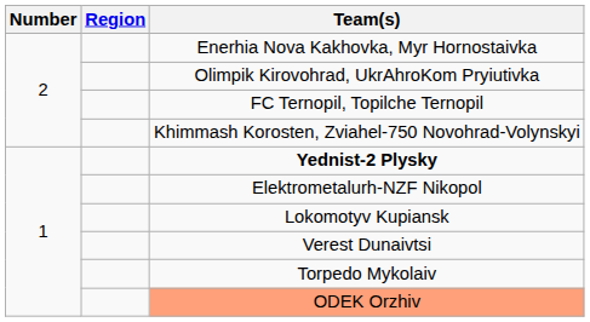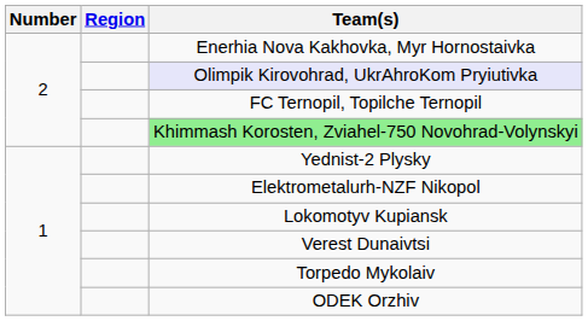 <table class="wikitable" style="text-align:center">
 <tr>
 <th>Number</th>
 <th><a href='#'>Region</a></th>
 <th>Team(s)</th>
 </tr>
 <tr>
 <td rowspan="4">2</td>
 <td align="left"></td>
 <td>Enerhia Nova Kakhovka, Myr Hornostaivka</td>
 </tr>
 <tr>
 <td align="left"></td>
-<td>Olimpik Kirovohrad, UkrAhroKom Pryiutivka</td>
+<td style="background: lavender;">Olimpik Kirovohrad, UkrAhroKom Pryiutivka</td>
 </tr>
 <tr>
 <td align="left"></td>
 <td>FC Ternopil, Topilche Ternopil</td>
 </tr>
 <tr>
 <td align="left"></td>
-<td>Khimmash Korosten, Zviahel-750 Novohrad-Volynskyi</td>
+<td style="background: lightgreen;">Khimmash Korosten, Zviahel-750 Novohrad-Volynskyi</td>
 </tr>
 <tr>
 <td rowspan="16">1</td>
 <td align="left"></td>
-<td><strong>Yednist-2 Plysky</strong></td>
+<td>Yednist-2 Plysky</td>
 </tr>
 <tr>
 <td align="left"></td>
 <td>Elektrometalurh-NZF Nikopol</td>
 </tr>
 <tr>
 <td align="left"></td>
 <td>Lokomotyv Kupiansk</td>
 </tr>
 <tr>
 <td align="left"></td>
 <td>Verest Dunaivtsi</td>
 </tr>
 <tr>
 <td align="left"></td>
 <td>Torpedo Mykolaiv</td>
 </tr>
 <tr>
 <td align="left"></td>
-<td style="background: lightsalmon;">ODEK Orzhiv</td>
+<td>ODEK Orzhiv</td>
 </tr>
 </table>
